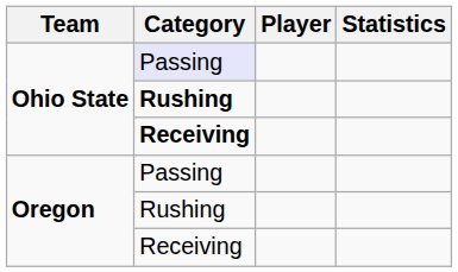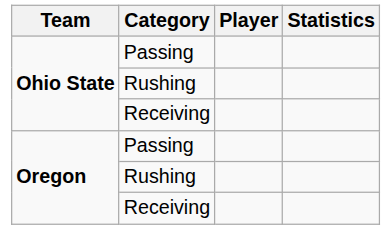 <table class="wikitable" style="float: right;">
 <tr>
 <th>Team</th>
 <th>Category</th>
 <th>Player</th>
 <th>Statistics</th>
 </tr>
 <tr>
 <td rowspan=3><strong>Ohio State</strong></td>
-<td style="background: lavender;">Passing</td>
+<td>Passing</td>
 <td></td>
 <td></td>
 </tr>
 <tr>
-<td><strong>Rushing</strong></td>
+<td>Rushing</td>
 <td></td>
 <td></td>
 </tr>
 <tr>
-<td><strong>Receiving</strong></td>
+<td>Receiving</td>
 <td></td>
 <td></td>
 </tr>
 <tr>
 <td rowspan=3><strong>Oregon</strong></td>
 <td>Passing</td>
 <td></td>
 <td></td>
 </tr>
 <tr>
 <td>Rushing</td>
 <td></td>
 <td></td>
 </tr>
 <tr>
 <td>Receiving</td>
 <td></td>
 <td></td>
 </tr>
 </table>
